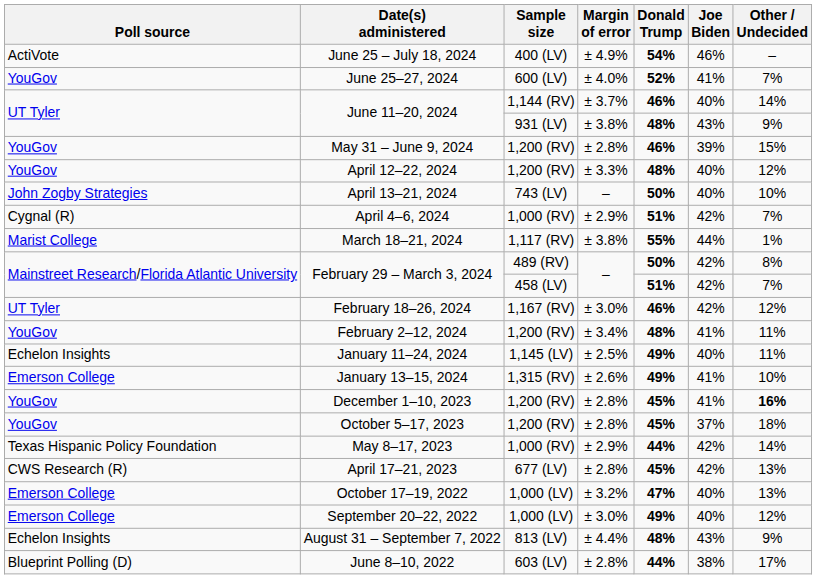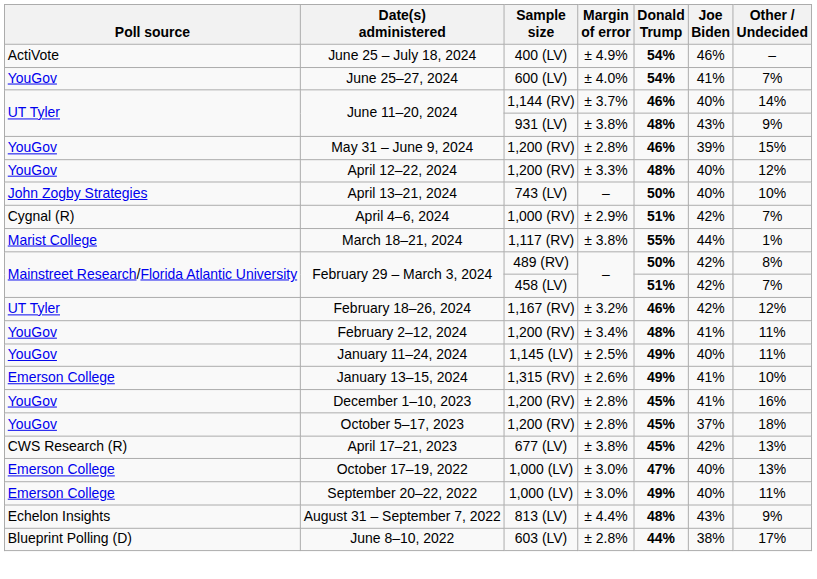 <table class="wikitable sortable mw-datatable" style="font-size:90%;text-align:center;line-height:17px">
 <tr style="vertical-align:bottom">
 <th>Poll source</th>
 <th>Date(s)<br>administered</th>
 <th>Sample<br>size</th>
 <th>Margin<br>of error</th>
 <th class="unsortable">Donald<br>Trump<br></th>
 <th class="unsortable">Joe<br>Biden<br></th>
 <th class="unsortable">Other /<br>Undecided</th>
 </tr>
 <tr>
 <td style="text-align:left;">ActiVote</td>
 <td data-sort-value="2024-07-19">June 25 – July 18, 2024</td>
 <td>400 (LV)</td>
 <td>± 4.9%</td>
 <td style="background-color:"><strong>54%</strong></td>
 <td>46%</td>
 <td>–</td>
 </tr>
 <tr>
 <td style="text-align:left;"><a href='#'>YouGov</a></td>
 <td data-sort-value="2024-07-03">June 25–27, 2024</td>
 <td>600 (LV)</td>
 <td>± 4.0%</td>
-<td style="background-color:"><strong>52%</strong></td>
+<td style="background-color:"><strong>54%</strong></td>
 <td>41%</td>
 <td>7%</td>
 </tr>
 <tr>
 <td style="text-align:left;" rowspan="2"><a href='#'>UT Tyler</a></td>
 <td rowspan="2">June 11–20, 2024</td>
 <td>1,144 (RV)</td>
 <td>± 3.7%</td>
 <td style="background-color:"><strong>46%</strong></td>
 <td>40%</td>
 <td>14%</td>
 </tr>
 <tr>
 <td>931 (LV)</td>
 <td>± 3.8%</td>
 <td style="background-color:"><strong>48%</strong></td>
 <td>43%</td>
 <td>9%</td>
 </tr>
 <tr>
 <td style="text-align:left;"><a href='#'>YouGov</a></td>
 <td data-sort-value="2024-06-20">May 31 – June 9, 2024</td>
 <td>1,200 (RV)</td>
 <td>± 2.8%</td>
 <td style="background-color:"><strong>46%</strong></td>
 <td>39%</td>
 <td>15%</td>
 </tr>
 <tr>
 <td style="text-align:left;"><a href='#'>YouGov</a></td>
 <td data-sort-value="2024-05-01">April 12–22, 2024</td>
 <td>1,200 (RV)</td>
 <td>± 3.3%</td>
 <td style="background-color:"><strong>48%</strong></td>
 <td>40%</td>
 <td>12%</td>
 </tr>
 <tr>
 <td style="text-align:left;"><a href='#'>John Zogby Strategies</a></td>
 <td data-sort-value="2024-05-01">April 13–21, 2024</td>
 <td>743 (LV)</td>
 <td>–</td>
 <td style="background-color:"><strong>50%</strong></td>
 <td>40%</td>
 <td>10%</td>
 </tr>
 <tr>
 <td style="text-align:left;">Cygnal (R)</td>
 <td data-sort-value="2024-04-11">April 4–6, 2024</td>
 <td>1,000 (RV)</td>
 <td>± 2.9%</td>
 <td style="background-color:"><strong>51%</strong></td>
 <td>42%</td>
 <td>7%</td>
 </tr>
 <tr>
 <td style="text-align:left;"><a href='#'>Marist College</a></td>
 <td data-sort-value="2024-03-26">March 18–21, 2024</td>
 <td>1,117 (RV)</td>
 <td>± 3.8%</td>
 <td style="background-color:"><strong>55%</strong></td>
 <td>44%</td>
 <td>1%</td>
 </tr>
 <tr>
 <td style="text-align:left;" rowspan="2"><a href='#'>Mainstreet Research</a>/<a href='#'>Florida Atlantic University</a></td>
 <td rowspan="2">February 29 – March 3, 2024</td>
 <td>489 (RV)</td>
 <td rowspan="2">–</td>
 <td style="background-color:"><strong>50%</strong></td>
 <td>42%</td>
 <td>8%</td>
 </tr>
 <tr>
 <td>458 (LV)</td>
 <td style="background-color:"><strong>51%</strong></td>
 <td>42%</td>
 <td>7%</td>
 </tr>
 <tr>
 <td style="text-align:left;"><a href='#'>UT Tyler</a></td>
 <td data-sort-value="2024-02-26">February 18–26, 2024</td>
 <td>1,167 (RV)</td>
-<td>± 3.0%</td>
+<td>± 3.2%</td>
 <td style="background-color:"><strong>46%</strong></td>
 <td>42%</td>
 <td>12%</td>
 </tr>
 <tr>
 <td style="text-align:left;"><a href='#'>YouGov</a></td>
 <td data-sort-value="2024-02-19">February 2–12, 2024</td>
 <td>1,200 (RV)</td>
 <td>± 3.4%</td>
 <td style="background-color:"><strong>48%</strong></td>
 <td>41%</td>
 <td>11%</td>
 </tr>
 <tr>
-<td style="text-align:left;">Echelon Insights</td>
+<td style="text-align:left;"><a href='#'>YouGov</a></td>
 <td data-sort-value="2024-01-24">January 11–24, 2024</td>
 <td>1,145 (LV)</td>
 <td>± 2.5%</td>
 <td style="background-color:"><strong>49%</strong></td>
 <td>40%</td>
 <td>11%</td>
 </tr>
 <tr>
 <td style="text-align:left;"><a href='#'>Emerson College</a></td>
 <td data-sort-value="2024-01-18">January 13–15, 2024</td>
 <td>1,315 (RV)</td>
 <td>± 2.6%</td>
 <td style="background-color:"><strong>49%</strong></td>
 <td>41%</td>
 <td>10%</td>
 </tr>
 <tr>
 <td style="text-align:left;"><a href='#'>YouGov</a></td>
 <td data-sort-value="2023-05-17">December 1–10, 2023</td>
 <td>1,200 (RV)</td>
 <td>± 2.8%</td>
 <td style="background-color:"><strong>45%</strong></td>
 <td>41%</td>
-<td><strong>16%</strong></td>
+<td>16%</td>
 </tr>
 <tr>
 <td style="text-align:left;"><a href='#'>YouGov</a></td>
 <td data-sort-value="2023-05-17">October 5–17, 2023</td>
 <td>1,200 (RV)</td>
 <td>± 2.8%</td>
 <td style="background-color:"><strong>45%</strong></td>
 <td>37%</td>
 <td>18%</td>
 </tr>
 <tr>
-<td style="text-align:left;">Texas Hispanic Policy Foundation</td>
-<td data-sort-value="2023-05-17">May 8–17, 2023</td>
-<td>1,000 (RV)</td>
-<td>± 2.9%</td>
-<td style="background-color:"><strong>44%</strong></td>
-<td>42%</td>
-<td>14%</td>
-</tr>
-<tr>
 <td style="text-align:left;">CWS Research (R)</td>
 <td data-sort-value="2023-04-21">April 17–21, 2023</td>
 <td>677 (LV)</td>
-<td>± 2.8%</td>
+<td>± 3.8%</td>
 <td style="background-color:"><strong>45%</strong></td>
 <td>42%</td>
 <td>13%</td>
 </tr>
 <tr>
 <td style="text-align:left;"><a href='#'>Emerson College</a></td>
 <td data-sort-value="2022-10-19">October 17–19, 2022</td>
 <td>1,000 (LV)</td>
-<td>± 3.2%</td>
+<td>± 3.0%</td>
 <td style="background-color:"><strong>47%</strong></td>
 <td>40%</td>
 <td>13%</td>
 </tr>
 <tr>
 <td style="text-align:left;"><a href='#'>Emerson College</a></td>
 <td data-sort-value="2022-09-22">September 20–22, 2022</td>
 <td>1,000 (LV)</td>
 <td>± 3.0%</td>
 <td style="background-color:"><strong>49%</strong></td>
 <td>40%</td>
-<td>12%</td>
+<td>11%</td>
 </tr>
 <tr>
 <td style="text-align:left;">Echelon Insights</td>
 <td data-sort-value="2022-09-07">August 31 – September 7, 2022</td>
 <td>813 (LV)</td>
 <td>± 4.4%</td>
 <td style="background-color:"><strong>48%</strong></td>
 <td>43%</td>
 <td>9%</td>
 </tr>
 <tr>
 <td style="text-align:left;">Blueprint Polling (D)</td>
 <td data-sort-value="2022-06-10">June 8–10, 2022</td>
 <td>603 (LV)</td>
 <td>± 2.8%</td>
 <td style="background-color:"><strong>44%</strong></td>
 <td>38%</td>
 <td>17%</td>
 </tr>
 </table>
